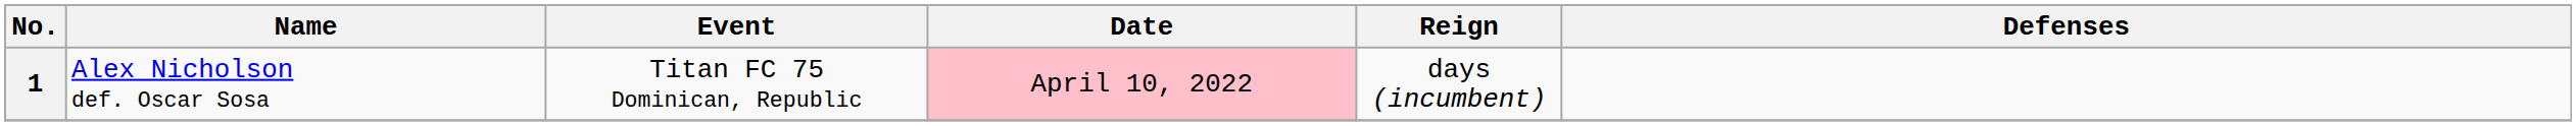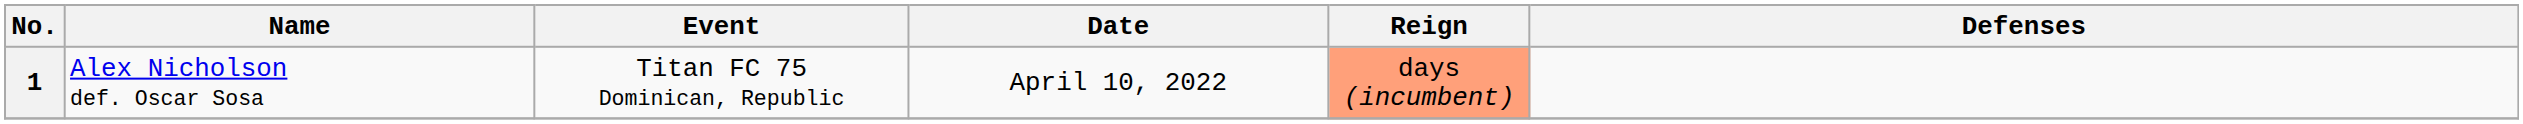 <table class="wikitable" width=100%>
 <tr>
 <th width=1%>No.</th>
 <th width=19%>Name</th>
 <th width=15%>Event</th>
 <th width=17%>Date</th>
 <th width=8%>Reign</th>
 <th width=40%>Defenses</th>
 </tr>
 <tr>
 <th>1</th>
 <td> <a href='#'> Alex Nicholson</a> <br> <small> def. Oscar Sosa</small></td>
 <td align=center>Titan FC 75 <br> <small> Dominican, Republic</small></td>
-<td align=center style="background: pink;">April 10, 2022</td>
-<td align=center> days<br><em>(incumbent)</em></td>
+<td align=center>April 10, 2022</td>
+<td align=center style="background: lightsalmon;"> days<br><em>(incumbent)</em></td>
 <td></td>
 </tr>
 <tr>
 </tr>
 </table>
